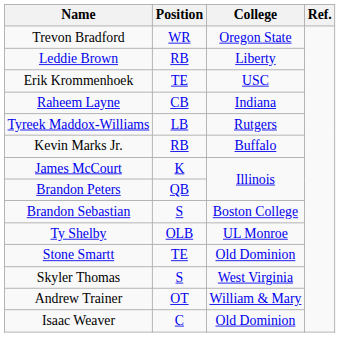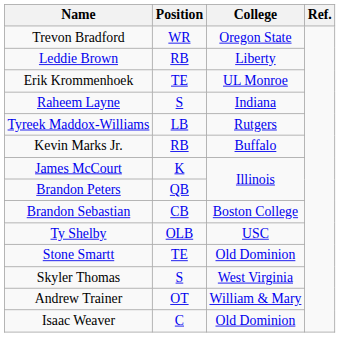 <table class="wikitable" style="text-align:center">
 <tr>
 <th>Name</th>
 <th>Position</th>
 <th>College</th>
 <th>Ref.</th>
 </tr>
 <tr>
 <td>Trevon Bradford</td>
 <td><a href='#'>WR</a></td>
 <td><a href='#'>Oregon State</a></td>
 <td rowspan = 14></td>
 </tr>
 <tr>
 <td><a href='#'>Leddie Brown</a></td>
 <td><a href='#'>RB</a></td>
 <td><a href='#'>Liberty</a></td>
 </tr>
 <tr>
 <td>Erik Krommenhoek</td>
 <td><a href='#'>TE</a></td>
-<td><a href='#'>USC</a></td>
+<td><a href='#'>UL Monroe</a></td>
 </tr>
 <tr>
 <td><a href='#'>Raheem Layne</a></td>
-<td><a href='#'>CB</a></td>
+<td><a href='#'>S</a></td>
 <td><a href='#'>Indiana</a></td>
 </tr>
 <tr>
 <td><a href='#'>Tyreek Maddox-Williams</a></td>
 <td><a href='#'>LB</a></td>
 <td><a href='#'>Rutgers</a></td>
 </tr>
 <tr>
 <td>Kevin Marks Jr.</td>
 <td><a href='#'>RB</a></td>
 <td><a href='#'>Buffalo</a></td>
 </tr>
 <tr>
 <td><a href='#'>James McCourt</a></td>
 <td><a href='#'>K</a></td>
 <td rowspan = 2><a href='#'>Illinois</a></td>
 </tr>
 <tr>
 <td><a href='#'>Brandon Peters</a></td>
 <td><a href='#'>QB</a></td>
 </tr>
 <tr>
 <td><a href='#'>Brandon Sebastian</a></td>
-<td><a href='#'>S</a></td>
+<td><a href='#'>CB</a></td>
 <td><a href='#'>Boston College</a></td>
 </tr>
 <tr>
 <td><a href='#'>Ty Shelby</a></td>
 <td><a href='#'>OLB</a></td>
-<td><a href='#'>UL Monroe</a></td>
+<td><a href='#'>USC</a></td>
 </tr>
 <tr>
 <td><a href='#'>Stone Smartt</a></td>
 <td><a href='#'>TE</a></td>
 <td><a href='#'>Old Dominion</a></td>
 </tr>
 <tr>
 <td>Skyler Thomas</td>
 <td><a href='#'>S</a></td>
 <td><a href='#'>West Virginia</a></td>
 </tr>
 <tr>
 <td>Andrew Trainer</td>
 <td><a href='#'>OT</a></td>
 <td><a href='#'>William & Mary</a></td>
 </tr>
 <tr>
 <td>Isaac Weaver</td>
 <td><a href='#'>C</a></td>
 <td><a href='#'>Old Dominion</a></td>
 </tr>
 </table>
